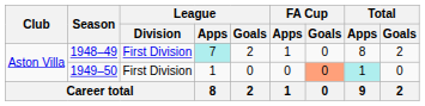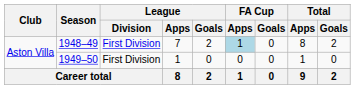 <table class="wikitable" style="text-align: center;">
 <tr>
 <th rowspan="2">Club</th>
 <th rowspan="2">Season</th>
 <th colspan="3">League</th>
 <th colspan="2">FA Cup</th>
 <th colspan="2">Total</th>
 </tr>
 <tr>
 <th>Division</th>
 <th>Apps</th>
 <th>Goals</th>
 <th>Apps</th>
 <th>Goals</th>
 <th>Apps</th>
 <th>Goals</th>
 </tr>
 <tr>
 <td rowspan="2"><a href='#'>Aston Villa</a></td>
 <td><a href='#'>1948–49</a></td>
 <td><a href='#'>First Division</a></td>
-<td style="background: paleturquoise;">7</td>
+<td>7</td>
 <td>2</td>
-<td>1</td>
+<td style="background: lightblue;">1</td>
 <td>0</td>
 <td>8</td>
 <td>2</td>
 </tr>
 <tr>
 <td><a href='#'>1949–50</a></td>
 <td>First Division</td>
 <td>1</td>
 <td>0</td>
 <td>0</td>
-<td style="background: lightsalmon;">0</td>
-<td style="background: paleturquoise;">1</td>
+<td>0</td>
+<td>1</td>
 <td>0</td>
 </tr>
 <tr>
 <th colspan="3">Career total</th>
 <th>8</th>
 <th>2</th>
 <th>1</th>
 <th>0</th>
 <th>9</th>
 <th>2</th>
 </tr>
 </table>
